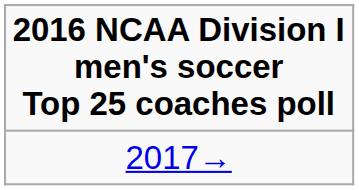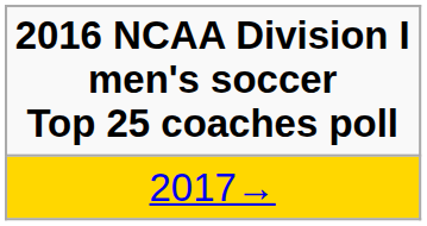 <table class="wikitable" style="text-align: center;">
 <tr>
 <td><strong>2016 NCAA Division I<br>men's soccer<br>Top 25 coaches poll</strong></td>
 </tr>
 <tr>
-<td><a href='#'>2017→</a></td>
+<td style="background: gold;"><a href='#'>2017→</a></td>
 </tr>
 </table>
